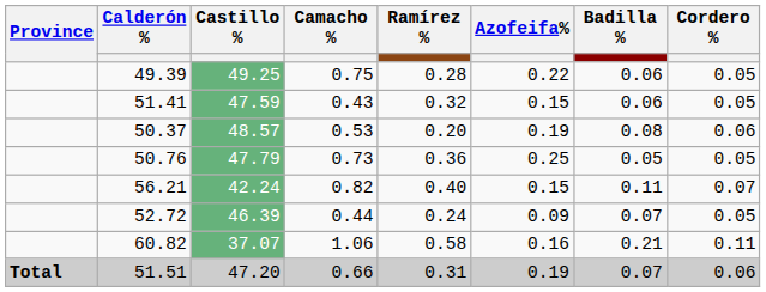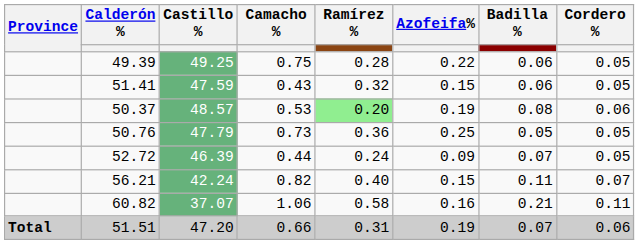 <table class="wikitable sortable" style="text-align:right; font-size:95%">
 <tr>
 <th rowspan=2><a href='#'>Province</a></th>
 <th width=60px><a href='#'>Calderón</a> %</th>
 <th width=60px>Castillo %</th>
 <th width=60px>Camacho %</th>
 <th width=60px>Ramírez %</th>
 <th width=60px><a href='#'>Azofeifa</a>%</th>
 <th width=60px>Badilla %</th>
 <th width=60px>Cordero %</th>
 </tr>
 <tr>
 <th style="background:"></th>
 <th style="background:"></th>
 <th style="background:"></th>
 <th style="background:saddlebrown"></th>
 <th style="background:"></th>
 <th style="background:darkred"></th>
 <th style="background:"></th>
 </tr>
 <tr>
 <td align="left"></td>
 <td style="background:">49.39</td>
 <td style="background:#66B27B; color:white;">49.25</td>
 <td>0.75</td>
 <td>0.28</td>
 <td>0.22</td>
 <td>0.06</td>
 <td>0.05</td>
 </tr>
 <tr>
 <td align="left"></td>
 <td style="background:">51.41</td>
 <td style="background:#66B27B; color:white;">47.59</td>
 <td>0.43</td>
 <td>0.32</td>
 <td>0.15</td>
 <td>0.06</td>
 <td>0.05</td>
 </tr>
 <tr>
 <td align="left"></td>
 <td style="background:">50.37</td>
 <td style="background:#66B27B; color:white;">48.57</td>
 <td>0.53</td>
-<td>0.20</td>
+<td style="background: lightgreen;">0.20</td>
 <td>0.19</td>
 <td>0.08</td>
 <td>0.06</td>
 </tr>
 <tr>
 <td align="left"></td>
 <td style="background:">50.76</td>
 <td style="background:#66B27B; color:white;">47.79</td>
 <td>0.73</td>
 <td>0.36</td>
 <td>0.25</td>
 <td>0.05</td>
 <td>0.05</td>
 </tr>
 <tr>
 <td align="left"></td>
+<td style="background:">52.72</td>
+<td style="background:#66B27B; color:white;">46.39</td>
+<td>0.44</td>
+<td>0.24</td>
+<td>0.09</td>
+<td>0.07</td>
+<td>0.05</td>
+</tr>
+<tr>
+<td align="left"></td>
 <td style="background:">56.21</td>
 <td style="background:#66B27B; color:white;">42.24</td>
 <td>0.82</td>
 <td>0.40</td>
 <td>0.15</td>
 <td>0.11</td>
 <td>0.07</td>
-</tr>
-<tr>
-<td align="left"></td>
-<td style="background:">52.72</td>
-<td style="background:#66B27B; color:white;">46.39</td>
-<td>0.44</td>
-<td>0.24</td>
-<td>0.09</td>
-<td>0.07</td>
-<td>0.05</td>
 </tr>
 <tr>
 <td align="left"></td>
 <td style="background:">60.82</td>
 <td style="background:#66B27B; color:white;">37.07</td>
 <td>1.06</td>
 <td>0.58</td>
 <td>0.16</td>
 <td>0.21</td>
 <td>0.11</td>
 </tr>
 <tr style="background:#CDCDCD;">
 <td align="left"><strong>Total</strong></td>
 <td style="background:">51.51</td>
 <td>47.20</td>
 <td>0.66</td>
 <td>0.31</td>
 <td>0.19</td>
 <td>0.07</td>
 <td>0.06</td>
 </tr>
 </table>
